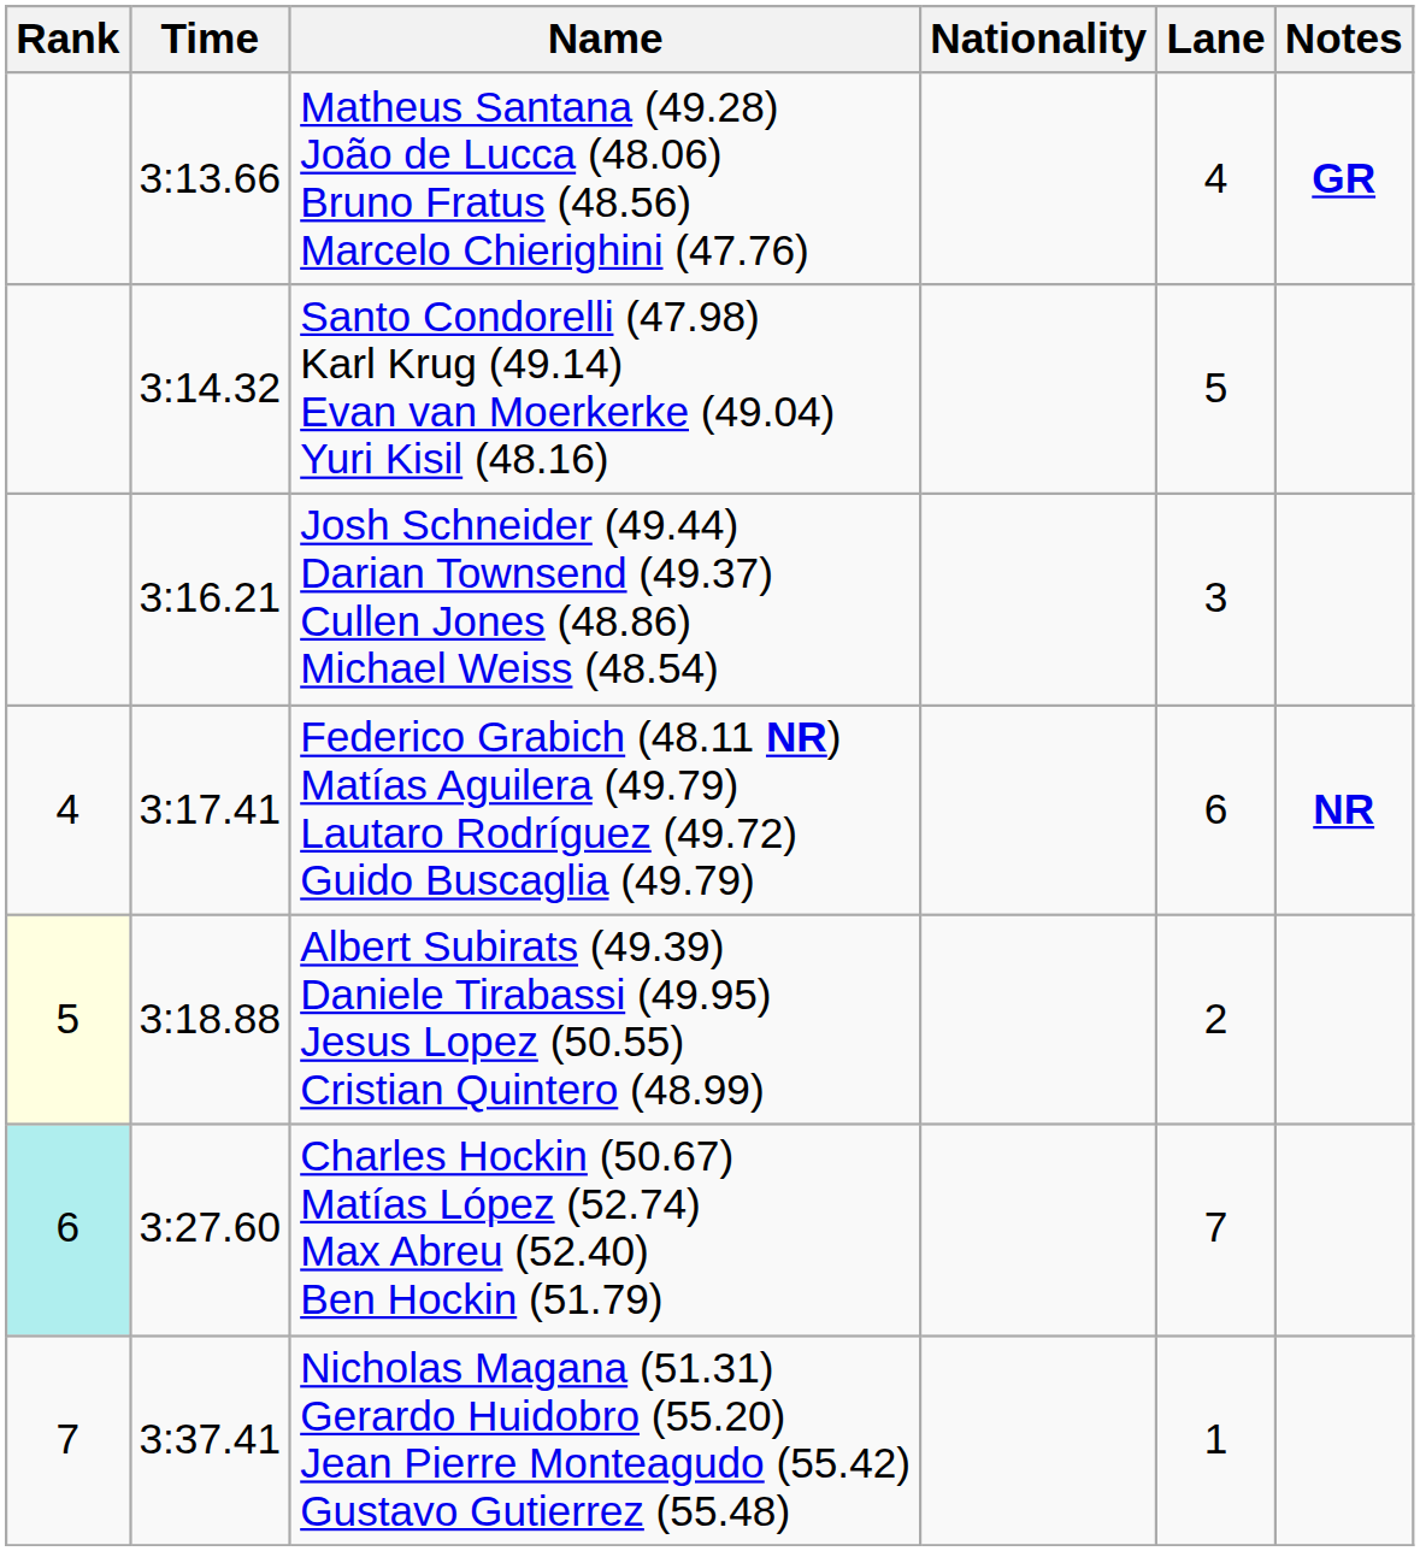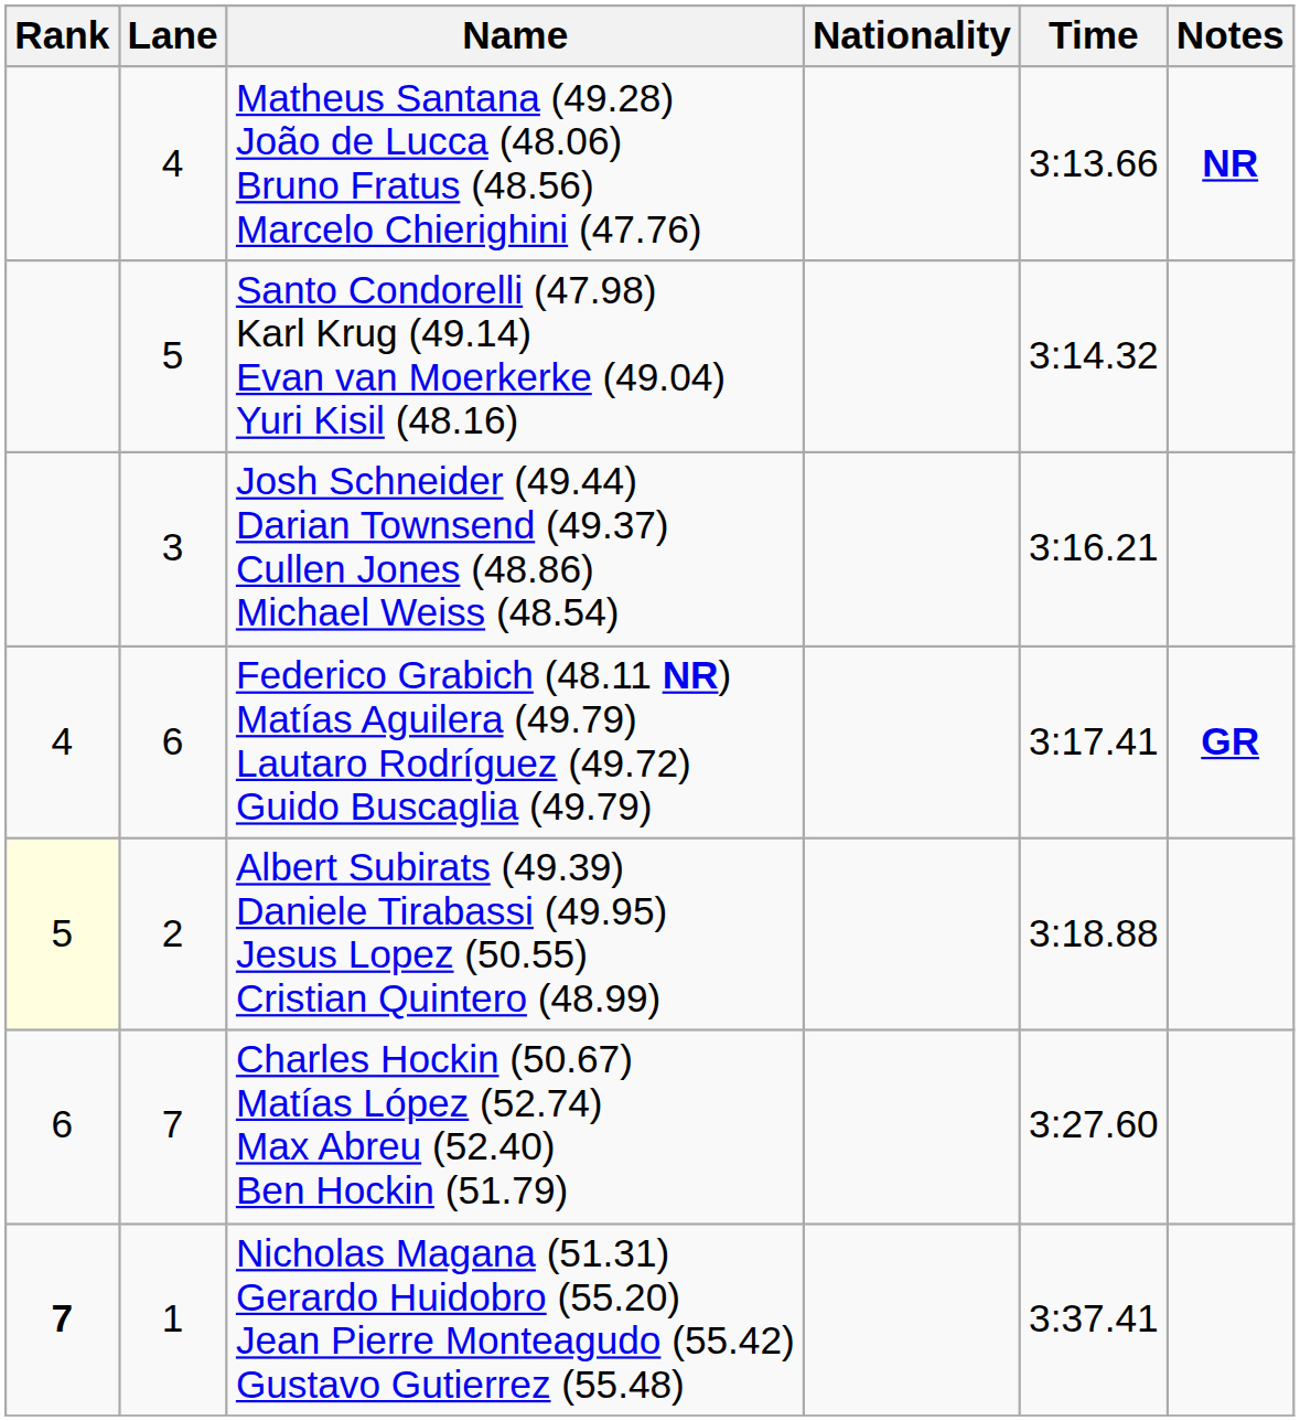 <table class="wikitable sortable" style="text-align:center">
 <tr>
 <th>Rank</th>
-<th>Time</th>
+<th>Lane</th>
 <th>Name</th>
 <th>Nationality</th>
-<th>Lane</th>
+<th>Time</th>
 <th>Notes</th>
 </tr>
 <tr>
 <td></td>
-<td>3:13.66</td>
+<td>4</td>
 <td align=left><a href='#'>Matheus Santana</a> (49.28) <br> <a href='#'>João de Lucca</a> (48.06) <br> <a href='#'>Bruno Fratus</a> (48.56) <br> <a href='#'>Marcelo Chierighini</a> (47.76)</td>
 <td align=left></td>
-<td>4</td>
-<td><strong><a href='#'>GR</a></strong></td>
+<td>3:13.66</td>
+<td><strong><a href='#'>NR</a></strong></td>
 </tr>
 <tr>
 <td></td>
-<td>3:14.32</td>
+<td>5</td>
 <td align=left><a href='#'>Santo Condorelli</a> (47.98) <br> Karl Krug (49.14) <br> <a href='#'>Evan van Moerkerke</a> (49.04) <br> <a href='#'>Yuri Kisil</a> (48.16)</td>
 <td align=left></td>
-<td>5</td>
+<td>3:14.32</td>
 <td></td>
 </tr>
 <tr>
 <td></td>
-<td>3:16.21</td>
+<td>3</td>
 <td align=left><a href='#'>Josh Schneider</a> (49.44) <br> <a href='#'>Darian Townsend</a> (49.37) <br> <a href='#'>Cullen Jones</a> (48.86) <br> <a href='#'>Michael Weiss</a> (48.54)</td>
 <td align=left></td>
-<td>3</td>
+<td>3:16.21</td>
 <td></td>
 </tr>
 <tr>
 <td>4</td>
-<td>3:17.41</td>
+<td>6</td>
 <td align=left><a href='#'>Federico Grabich</a> (48.11 <strong><a href='#'>NR</a></strong>) <br> <a href='#'>Matías Aguilera</a> (49.79) <br> <a href='#'>Lautaro Rodríguez</a> (49.72) <br> <a href='#'>Guido Buscaglia</a> (49.79)</td>
 <td align=left></td>
-<td>6</td>
-<td><strong><a href='#'>NR</a></strong></td>
+<td>3:17.41</td>
+<td><strong><a href='#'>GR</a></strong></td>
 </tr>
 <tr>
 <td style="background: lightyellow;">5</td>
-<td>3:18.88</td>
+<td>2</td>
 <td align=left><a href='#'>Albert Subirats</a> (49.39)<br><a href='#'>Daniele Tirabassi</a> (49.95)<br><a href='#'>Jesus Lopez</a> (50.55)<br><a href='#'>Cristian Quintero</a> (48.99)</td>
 <td align=left></td>
-<td>2</td>
+<td>3:18.88</td>
 <td></td>
 </tr>
 <tr>
-<td style="background: paleturquoise;">6</td>
-<td>3:27.60</td>
+<td>6</td>
+<td>7</td>
 <td align=left><a href='#'>Charles Hockin</a> (50.67)<br><a href='#'>Matías López</a> (52.74)<br><a href='#'>Max Abreu</a> (52.40)<br><a href='#'>Ben Hockin</a> (51.79)</td>
 <td align=left></td>
-<td>7</td>
+<td>3:27.60</td>
 <td></td>
 </tr>
 <tr>
-<td>7</td>
-<td>3:37.41</td>
+<td><strong>7</strong></td>
+<td>1</td>
 <td align=left><a href='#'>Nicholas Magana</a> (51.31)<br><a href='#'>Gerardo Huidobro</a> (55.20)<br><a href='#'>Jean Pierre Monteagudo</a> (55.42)<br><a href='#'>Gustavo Gutierrez</a> (55.48)</td>
 <td align=left></td>
-<td>1</td>
+<td>3:37.41</td>
 <td></td>
 </tr>
 </table>
